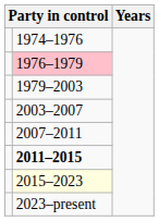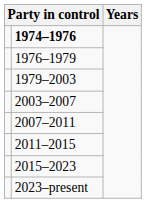 <table class="wikitable">
 <tr>
 <th colspan=2>Party in control</th>
 <th>Years</th>
 </tr>
 <tr>
 <td></td>
-<td>1974–1976</td>
+<td><strong>1974–1976</strong></td>
 </tr>
 <tr>
 <td></td>
-<td style="background: pink;">1976–1979</td>
+<td>1976–1979</td>
 </tr>
 <tr>
 <td></td>
 <td>1979–2003</td>
 </tr>
 <tr>
 <td></td>
 <td>2003–2007</td>
 </tr>
 <tr>
 <td></td>
 <td>2007–2011</td>
 </tr>
 <tr>
 <td></td>
-<td><strong>2011–2015</strong></td>
+<td>2011–2015</td>
 </tr>
 <tr>
 <td></td>
-<td style="background: lightyellow;">2015–2023</td>
+<td>2015–2023</td>
 </tr>
 <tr>
 <td></td>
 <td>2023–present</td>
 </tr>
 </table>
